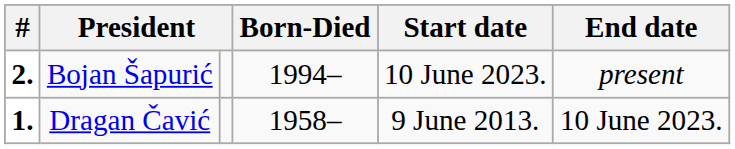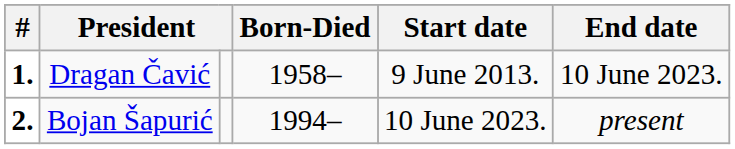 <table class="wikitable" style="text-align:center">
 <tr>
 <th>#</th>
 <th colspan="2">President</th>
 <th>Born-Died</th>
 <th>Start date</th>
 <th>End date</th>
 </tr>
 <tr>
+<th style="background:white">1.</th>
+<td><a href='#'>Dragan Čavić</a></td>
+<td></td>
+<td>1958–</td>
+<td>9 June 2013.</td>
+<td>10 June 2023.</td>
+</tr>
+<tr>
 <th style="background:white">2.</th>
 <td><a href='#'>Bojan Šapurić</a></td>
 <td></td>
 <td>1994–</td>
 <td>10 June 2023.</td>
 <td><em>present</em></td>
 </tr>
-<tr>
-<th style="background:white">1.</th>
-<td><a href='#'>Dragan Čavić</a></td>
-<td></td>
-<td>1958–</td>
-<td>9 June 2013.</td>
-<td>10 June 2023.</td>
-</tr>
 </table>
